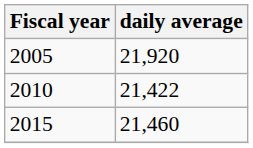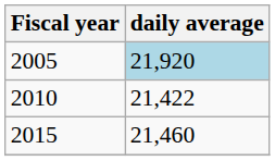 <table class="wikitable">
 <tr>
 <th>Fiscal year</th>
 <th>daily average</th>
 </tr>
 <tr>
 <td>2005</td>
-<td>21,920</td>
+<td style="background: lightblue;">21,920</td>
 </tr>
 <tr>
 <td>2010</td>
 <td>21,422</td>
 </tr>
 <tr>
 <td>2015</td>
 <td>21,460</td>
 </tr>
 <tr>
 </tr>
 </table>
